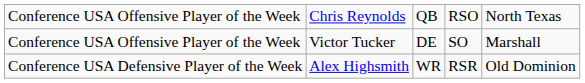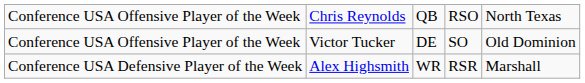 <table class="wikitable">
 <tr>
 <td>Conference USA Offensive Player of the Week</td>
 <td><a href='#'>Chris Reynolds</a></td>
 <td>QB</td>
 <td>RSO</td>
 <td>North Texas</td>
 </tr>
 <tr>
 <td>Conference USA Offensive Player of the Week</td>
 <td>Victor Tucker</td>
 <td>DE</td>
 <td>SO</td>
-<td>Marshall</td>
+<td>Old Dominion</td>
 </tr>
 <tr>
 <td>Conference USA Defensive Player of the Week</td>
 <td><a href='#'>Alex Highsmith</a></td>
 <td>WR</td>
 <td>RSR</td>
-<td>Old Dominion</td>
+<td>Marshall</td>
 </tr>
 </table>
